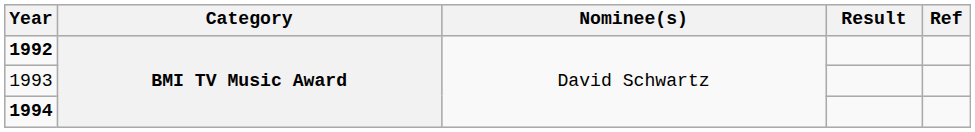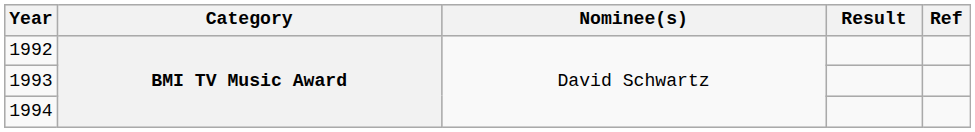 <table class="wikitable plainrowheaders" style="font-size: 90%; text-align:center" width=100%>
 <tr>
 <th scope="col" width="5%">Year</th>
 <th scope="col" width="40%">Category</th>
 <th scope="col" width="40%">Nominee(s)</th>
 <th scope="col" width="10%">Result</th>
 <th scope="col" width="5%">Ref</th>
 </tr>
 <tr>
-<td><strong>1992</strong></td>
+<td>1992</td>
 <th scope="row" style="text-align:center" rowspan="3">BMI TV Music Award</th>
 <td rowspan="3">David Schwartz</td>
 <td></td>
 <td></td>
 </tr>
 <tr>
 <td>1993</td>
 <td></td>
 <td></td>
 </tr>
 <tr>
-<td><strong>1994</strong></td>
+<td>1994</td>
 <td></td>
 <td></td>
 </tr>
 </table>
